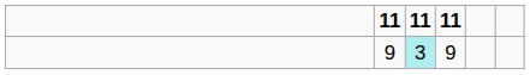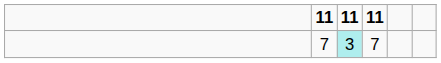 <table class="wikitable">
 <tr>
 <td style="width:18em"></td>
 <td align=center style="width:1em"><strong>11</strong></td>
 <td align=center style="width:1em"><strong>11</strong></td>
 <td align=center style="width:1em"><strong>11</strong></td>
 <td align=center style="width:1em"></td>
 <td align=center style="width:1em"></td>
 </tr>
 <tr>
 <td style="width:15em"></td>
-<td align=center style="width:1em">9</td>
+<td align=center style="width:1em">7</td>
 <td align=center style="background: paleturquoise; width:1em">3</td>
-<td align=center style="width:1em">9</td>
+<td align=center style="width:1em">7</td>
 <td align=center style="width:1em"></td>
 <td align=center style="width:1em"></td>
 </tr>
 </table>
